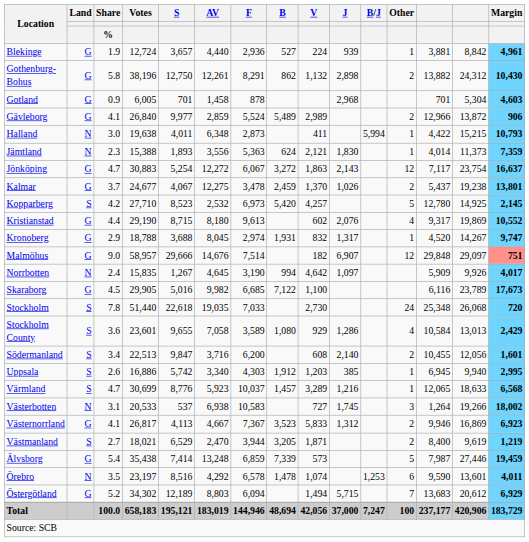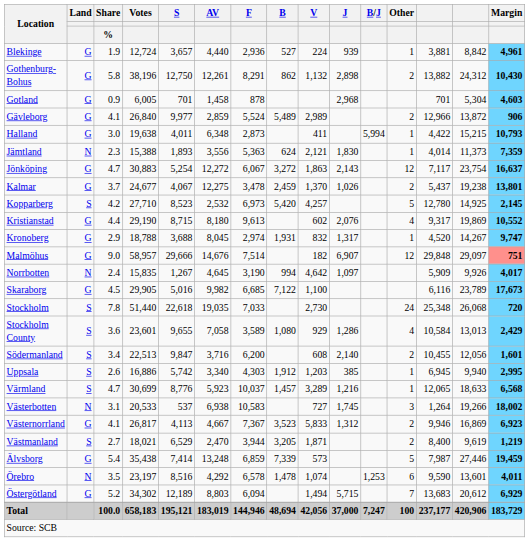 <table class="wikitable sortable" style="text-align:right; font-size:95%; line-height:20px;">
 <tr>
 <th rowspan="3">Location</th>
 <th>Land</th>
 <th>Share</th>
 <th>Votes</th>
 <th width="30px" class="unsortable"><a href='#'>S</a></th>
 <th width="30px" class="unsortable"><a href='#'>AV</a></th>
 <th width="30px" class="unsortable"><a href='#'>F</a></th>
 <th width="30px" class="unsortable"><a href='#'>B</a></th>
 <th width="30px" class="unsortable"><a href='#'>V</a></th>
 <th width="30px" class="unsortable"><a href='#'>J</a></th>
 <th width="30px" class="unsortable"><a href='#'>B</a>/<a href='#'>J</a></th>
 <th width="30px" class="unsortable">Other</th>
 <th></th>
 <th></th>
 <th>Margin</th>
 </tr>
 <tr>
 <th></th>
 <th></th>
 <th></th>
 <th style="background:"></th>
 <th style="background:"></th>
 <th style="background:"></th>
 <th style="background:"></th>
 <th style="background:"></th>
 <th style="background:"></th>
 <th style="background:"></th>
 <th style="background:"></th>
 <th style="background:"></th>
 <th style="background:"></th>
 <th></th>
 </tr>
 <tr>
 <th></th>
 <th data-sort-type="number">%</th>
 <th></th>
 <th data-sort-type="number"></th>
 <th data-sort-type="number"></th>
 <th data-sort-type="number"></th>
 <th data-sort-type="number"></th>
 <th data-sort-type="number"></th>
 <th data-sort-type="number"></th>
 <th data-sort-type="number"></th>
 <th data-sort-type="number"></th>
 <th data-sort-type="number"></th>
 <th data-sort-type="number"></th>
 <th></th>
 </tr>
 <tr>
 <td align=left><a href='#'>Blekinge</a></td>
 <td><a href='#'>G</a></td>
 <td>1.9</td>
 <td>12,724</td>
 <td>3,657</td>
 <td>4,440</td>
 <td>2,936</td>
 <td>527</td>
 <td>224</td>
 <td>939</td>
 <td></td>
 <td>1</td>
 <td>3,881</td>
 <td>8,842</td>
 <td bgcolor=#6fd5fe><strong>4,961</strong></td>
 </tr>
 <tr>
 <td align=left><a href='#'>Gothenburg-Bohus</a></td>
 <td><a href='#'>G</a></td>
 <td>5.8</td>
 <td>38,196</td>
 <td>12,750</td>
 <td>12,261</td>
 <td>8,291</td>
 <td>862</td>
 <td>1,132</td>
 <td>2,898</td>
 <td></td>
 <td>2</td>
 <td>13,882</td>
 <td>24,312</td>
 <td bgcolor=#6fd5fe><strong>10,430</strong></td>
 </tr>
 <tr>
 <td align=left><a href='#'>Gotland</a></td>
 <td><a href='#'>G</a></td>
 <td>0.9</td>
 <td>6,005</td>
 <td>701</td>
 <td>1,458</td>
 <td>878</td>
 <td></td>
 <td></td>
 <td>2,968</td>
 <td></td>
 <td></td>
 <td>701</td>
 <td>5,304</td>
 <td bgcolor=#6fd5fe><strong>4,603</strong></td>
 </tr>
 <tr>
 <td align=left><a href='#'>Gävleborg</a></td>
 <td><a href='#'>G</a></td>
 <td>4.1</td>
 <td>26,840</td>
 <td>9,977</td>
 <td>2,859</td>
 <td>5,524</td>
 <td>5,489</td>
 <td>2,989</td>
 <td></td>
 <td></td>
 <td>2</td>
 <td>12,966</td>
 <td>13,872</td>
 <td bgcolor=#6fd5fe><strong>906</strong></td>
 </tr>
 <tr>
 <td align=left><a href='#'>Halland</a></td>
-<td><a href='#'>N</a></td>
+<td><a href='#'>G</a></td>
 <td>3.0</td>
 <td>19,638</td>
 <td>4,011</td>
 <td>6,348</td>
 <td>2,873</td>
 <td></td>
 <td>411</td>
 <td></td>
 <td>5,994</td>
 <td>1</td>
 <td>4,422</td>
 <td>15,215</td>
 <td bgcolor=#6fd5fe><strong>10,793</strong></td>
 </tr>
 <tr>
 <td align=left><a href='#'>Jämtland</a></td>
 <td><a href='#'>N</a></td>
 <td>2.3</td>
 <td>15,388</td>
 <td>1,893</td>
 <td>3,556</td>
 <td>5,363</td>
 <td>624</td>
 <td>2,121</td>
 <td>1,830</td>
 <td></td>
 <td>1</td>
 <td>4,014</td>
 <td>11,373</td>
 <td bgcolor=#6fd5fe><strong>7,359</strong></td>
 </tr>
 <tr>
 <td align=left><a href='#'>Jönköping</a></td>
 <td><a href='#'>G</a></td>
 <td>4.7</td>
 <td>30,883</td>
 <td>5,254</td>
 <td>12,272</td>
 <td>6,067</td>
 <td>3,272</td>
 <td>1,863</td>
 <td>2,143</td>
 <td></td>
 <td>12</td>
 <td>7,117</td>
 <td>23,754</td>
 <td bgcolor=#6fd5fe><strong>16,637</strong></td>
 </tr>
 <tr>
 <td align=left><a href='#'>Kalmar</a></td>
 <td><a href='#'>G</a></td>
 <td>3.7</td>
 <td>24,677</td>
 <td>4,067</td>
 <td>12,275</td>
 <td>3,478</td>
 <td>2,459</td>
 <td>1,370</td>
 <td>1,026</td>
 <td></td>
 <td>2</td>
 <td>5,437</td>
 <td>19,238</td>
 <td bgcolor=#6fd5fe><strong>13,801</strong></td>
 </tr>
 <tr>
 <td align=left><a href='#'>Kopparberg</a></td>
 <td><a href='#'>S</a></td>
 <td>4.2</td>
 <td>27,710</td>
 <td>8,523</td>
 <td>2,532</td>
 <td>6,973</td>
 <td>5,420</td>
 <td>4,257</td>
 <td></td>
 <td></td>
 <td>5</td>
 <td>12,780</td>
 <td>14,925</td>
 <td bgcolor=#6fd5fe><strong>2,145</strong></td>
 </tr>
 <tr>
 <td align=left><a href='#'>Kristianstad</a></td>
 <td><a href='#'>G</a></td>
 <td>4.4</td>
 <td>29,190</td>
 <td>8,715</td>
 <td>8,180</td>
 <td>9,613</td>
 <td></td>
 <td>602</td>
 <td>2,076</td>
 <td></td>
 <td>4</td>
 <td>9,317</td>
 <td>19,869</td>
 <td bgcolor=#6fd5fe><strong>10,552</strong></td>
 </tr>
 <tr>
 <td align=left><a href='#'>Kronoberg</a></td>
 <td><a href='#'>G</a></td>
 <td>2.9</td>
 <td>18,788</td>
 <td>3,688</td>
 <td>8,045</td>
 <td>2,974</td>
 <td>1,931</td>
 <td>832</td>
 <td>1,317</td>
 <td></td>
 <td>1</td>
 <td>4,520</td>
 <td>14,267</td>
 <td bgcolor=#6fd5fe><strong>9,747</strong></td>
 </tr>
 <tr>
 <td align=left><a href='#'>Malmöhus</a></td>
 <td><a href='#'>G</a></td>
 <td>9.0</td>
 <td>58,957</td>
 <td>29,666</td>
 <td>14,676</td>
 <td>7,514</td>
 <td></td>
 <td>182</td>
 <td>6,907</td>
 <td></td>
 <td>12</td>
 <td>29,848</td>
 <td>29,097</td>
 <td bgcolor=#ff908c><strong>751</strong></td>
 </tr>
 <tr>
 <td align=left><a href='#'>Norrbotten</a></td>
 <td><a href='#'>N</a></td>
 <td>2.4</td>
 <td>15,835</td>
 <td>1,267</td>
 <td>4,645</td>
 <td>3,190</td>
 <td>994</td>
 <td>4,642</td>
 <td>1,097</td>
 <td></td>
 <td></td>
 <td>5,909</td>
 <td>9,926</td>
 <td bgcolor=#6fd5fe><strong>4,017</strong></td>
 </tr>
 <tr>
 <td align=left><a href='#'>Skaraborg</a></td>
 <td><a href='#'>G</a></td>
 <td>4.5</td>
 <td>29,905</td>
 <td>5,016</td>
 <td>9,982</td>
 <td>6,685</td>
 <td>7,122</td>
 <td>1,100</td>
 <td></td>
 <td></td>
 <td></td>
 <td>6,116</td>
 <td>23,789</td>
 <td bgcolor=#6fd5fe><strong>17,673</strong></td>
 </tr>
 <tr>
 <td align=left><a href='#'>Stockholm</a></td>
 <td><a href='#'>S</a></td>
 <td>7.8</td>
 <td>51,440</td>
 <td>22,618</td>
 <td>19,035</td>
 <td>7,033</td>
 <td></td>
 <td>2,730</td>
 <td></td>
 <td></td>
 <td>24</td>
 <td>25,348</td>
 <td>26,068</td>
 <td bgcolor=#6fd5fe><strong>720</strong></td>
 </tr>
 <tr>
 <td align=left><a href='#'>Stockholm County</a></td>
 <td><a href='#'>S</a></td>
 <td>3.6</td>
 <td>23,601</td>
 <td>9,655</td>
 <td>7,058</td>
 <td>3,589</td>
 <td>1,080</td>
 <td>929</td>
 <td>1,286</td>
 <td></td>
 <td>4</td>
 <td>10,584</td>
 <td>13,013</td>
 <td bgcolor=#6fd5fe><strong>2,429</strong></td>
 </tr>
 <tr>
 <td align=left><a href='#'>Södermanland</a></td>
 <td><a href='#'>S</a></td>
 <td>3.4</td>
 <td>22,513</td>
 <td>9,847</td>
 <td>3,716</td>
 <td>6,200</td>
 <td></td>
 <td>608</td>
 <td>2,140</td>
 <td></td>
 <td>2</td>
 <td>10,455</td>
 <td>12,056</td>
 <td bgcolor=#6fd5fe><strong>1,601</strong></td>
 </tr>
 <tr>
 <td align=left><a href='#'>Uppsala</a></td>
 <td><a href='#'>S</a></td>
 <td>2.6</td>
 <td>16,886</td>
 <td>5,742</td>
 <td>3,340</td>
 <td>4,303</td>
 <td>1,912</td>
 <td>1,203</td>
 <td>385</td>
 <td></td>
 <td>1</td>
 <td>6,945</td>
 <td>9,940</td>
 <td bgcolor=#6fd5fe><strong>2,995</strong></td>
 </tr>
 <tr>
 <td align=left><a href='#'>Värmland</a></td>
 <td><a href='#'>S</a></td>
 <td>4.7</td>
 <td>30,699</td>
 <td>8,776</td>
 <td>5,923</td>
 <td>10,037</td>
 <td>1,457</td>
 <td>3,289</td>
 <td>1,216</td>
 <td></td>
 <td>1</td>
 <td>12,065</td>
 <td>18,633</td>
 <td bgcolor=#6fd5fe><strong>6,568</strong></td>
 </tr>
 <tr>
 <td align=left><a href='#'>Västerbotten</a></td>
 <td><a href='#'>N</a></td>
 <td>3.1</td>
 <td>20,533</td>
 <td>537</td>
 <td>6,938</td>
 <td>10,583</td>
 <td></td>
 <td>727</td>
 <td>1,745</td>
 <td></td>
 <td>3</td>
 <td>1,264</td>
 <td>19,266</td>
 <td bgcolor=#6fd5fe><strong>18,002</strong></td>
 </tr>
 <tr>
 <td align=left><a href='#'>Västernorrland</a></td>
 <td><a href='#'>G</a></td>
 <td>4.1</td>
 <td>26,817</td>
 <td>4,113</td>
 <td>4,667</td>
 <td>7,367</td>
 <td>3,523</td>
 <td>5,833</td>
 <td>1,312</td>
 <td></td>
 <td>2</td>
 <td>9,946</td>
 <td>16,869</td>
 <td bgcolor=#6fd5fe><strong>6,923</strong></td>
 </tr>
 <tr>
 <td align=left><a href='#'>Västmanland</a></td>
 <td><a href='#'>S</a></td>
 <td>2.7</td>
 <td>18,021</td>
 <td>6,529</td>
 <td>2,470</td>
 <td>3,944</td>
 <td>3,205</td>
 <td>1,871</td>
 <td></td>
 <td></td>
 <td>2</td>
 <td>8,400</td>
 <td>9,619</td>
 <td bgcolor=#6fd5fe><strong>1,219</strong></td>
 </tr>
 <tr>
 <td align=left><a href='#'>Älvsborg</a></td>
 <td><a href='#'>G</a></td>
 <td>5.4</td>
 <td>35,438</td>
 <td>7,414</td>
 <td>13,248</td>
 <td>6,859</td>
 <td>7,339</td>
 <td>573</td>
 <td></td>
 <td></td>
 <td>5</td>
 <td>7,987</td>
 <td>27,446</td>
 <td bgcolor=#6fd5fe><strong>19,459</strong></td>
 </tr>
 <tr>
 <td align=left><a href='#'>Örebro</a></td>
 <td><a href='#'>N</a></td>
 <td>3.5</td>
 <td>23,197</td>
 <td>8,516</td>
 <td>4,292</td>
 <td>6,578</td>
 <td>1,478</td>
 <td>1,074</td>
 <td></td>
 <td>1,253</td>
 <td>6</td>
 <td>9,590</td>
 <td>13,601</td>
 <td bgcolor=#6fd5fe><strong>4,011</strong></td>
 </tr>
 <tr>
 <td align=left><a href='#'>Östergötland</a></td>
 <td><a href='#'>G</a></td>
 <td>5.2</td>
 <td>34,302</td>
 <td>12,189</td>
 <td>8,803</td>
 <td>6,094</td>
 <td></td>
 <td>1,494</td>
 <td>5,715</td>
 <td></td>
 <td>7</td>
 <td>13,683</td>
 <td>20,612</td>
 <td bgcolor=#6fd5fe><strong>6,929</strong></td>
 </tr>
 <tr>
 </tr>
 <tr style="background:#CDCDCD;">
 <td align=left><strong>Total</strong></td>
 <td></td>
 <td><strong>100.0</strong></td>
 <td><strong>658,183</strong></td>
 <td><strong>195,121</strong></td>
 <td><strong>183,019</strong></td>
 <td><strong>144,946</strong></td>
 <td><strong>48,694</strong></td>
 <td><strong>42,056</strong></td>
 <td><strong>37,000</strong></td>
 <td><strong>7,247</strong></td>
 <td><strong>100</strong></td>
 <td><strong>237,177</strong></td>
 <td><strong>420,906</strong></td>
 <td bgcolor=#6fd5fe><strong>183,729</strong></td>
 </tr>
 <tr>
 <td align=left colspan=16>Source: SCB </td>
 </tr>
 </table>
